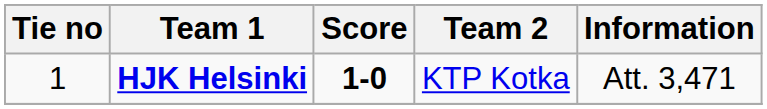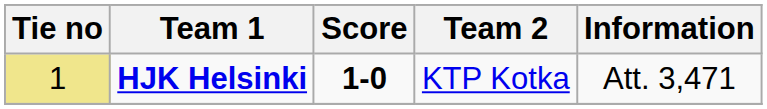 <table class="wikitable" style="text-align:center">
 <tr>
 <th style= width="40px">Tie no</th>
 <th style= width="150px">Team 1</th>
 <th style= width="60px">Score</th>
 <th style= width="150px">Team 2</th>
 <th style= width="30px">Information</th>
 </tr>
 <tr>
-<td>1</td>
+<td style="background: khaki;">1</td>
 <td><strong><a href='#'>HJK Helsinki</a></strong></td>
 <td><strong>1-0</strong></td>
 <td><a href='#'>KTP Kotka</a></td>
 <td>Att. 3,471</td>
 </tr>
 <tr>
 </tr>
 </table>
